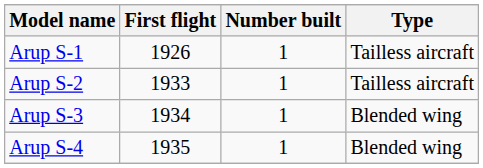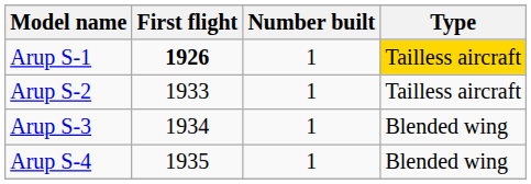 <table class="wikitable">
 <tr>
 </tr>
 <tr>
 <th>Model name</th>
 <th>First flight</th>
 <th>Number built</th>
 <th>Type</th>
 </tr>
 <tr>
 <td align=left><a href='#'>Arup S-1</a></td>
-<td align=center>1926</td>
+<td align=center><strong>1926</strong></td>
 <td align=center>1</td>
-<td align=left>Tailless aircraft</td>
+<td align=left style="background: gold;">Tailless aircraft</td>
 </tr>
 <tr>
 <td align=left><a href='#'>Arup S-2</a></td>
 <td align=center>1933</td>
 <td align=center>1</td>
 <td align=left>Tailless aircraft</td>
 </tr>
 <tr>
 <td align=left><a href='#'>Arup S-3</a></td>
 <td align=center>1934</td>
 <td align=center>1</td>
 <td align=left>Blended wing</td>
 </tr>
 <tr>
 <td align=left><a href='#'>Arup S-4</a></td>
 <td align=center>1935</td>
 <td align=center>1</td>
 <td align=left>Blended wing</td>
 </tr>
 <tr>
 </tr>
 </table>
